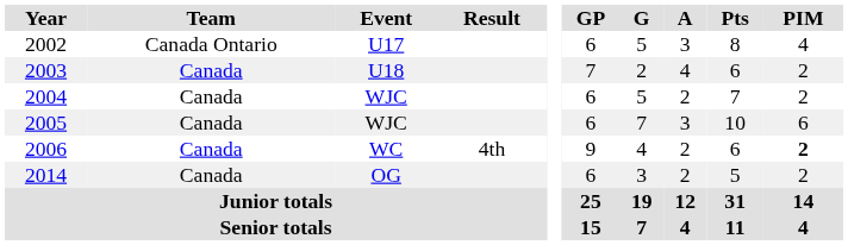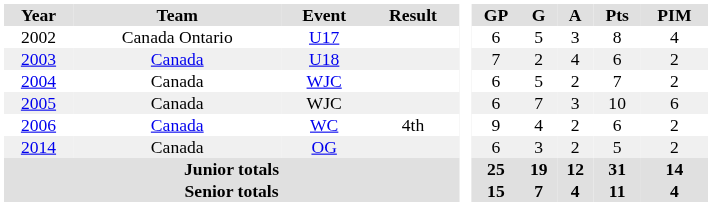 <table border="0" cellpadding="1" cellspacing="0" style="text-align:center; width:40em">
 <tr ALIGN="center" bgcolor="#e0e0e0">
 <th>Year</th>
 <th>Team</th>
 <th>Event</th>
 <th>Result</th>
 <th rowspan="99" bgcolor="#ffffff"> </th>
 <th>GP</th>
 <th>G</th>
 <th>A</th>
 <th>Pts</th>
 <th>PIM</th>
 </tr>
 <tr>
 <td 2002 World U-17 Hockey Challenge>2002</td>
 <td>Canada Ontario</td>
 <td><a href='#'>U17</a></td>
 <td></td>
 <td>6</td>
 <td>5</td>
 <td>3</td>
 <td>8</td>
 <td>4</td>
 </tr>
 <tr bgcolor="#f0f0f0">
 <td><a href='#'>2003</a></td>
 <td><a href='#'>Canada</a></td>
 <td><a href='#'>U18</a></td>
 <td></td>
 <td>7</td>
 <td>2</td>
 <td>4</td>
 <td>6</td>
 <td>2</td>
 </tr>
 <tr>
 <td><a href='#'>2004</a></td>
 <td>Canada</td>
 <td><a href='#'>WJC</a></td>
 <td></td>
 <td>6</td>
 <td>5</td>
 <td>2</td>
 <td>7</td>
 <td>2</td>
 </tr>
 <tr bgcolor="#f0f0f0">
 <td><a href='#'>2005</a></td>
 <td>Canada</td>
 <td>WJC</td>
 <td></td>
 <td>6</td>
 <td>7</td>
 <td>3</td>
 <td>10</td>
 <td>6</td>
 </tr>
 <tr>
 <td><a href='#'>2006</a></td>
 <td><a href='#'>Canada</a></td>
 <td><a href='#'>WC</a></td>
 <td>4th</td>
 <td>9</td>
 <td>4</td>
 <td>2</td>
 <td>6</td>
-<td><strong>2</strong></td>
+<td>2</td>
 </tr>
 <tr bgcolor="#f0f0f0">
 <td><a href='#'>2014</a></td>
 <td>Canada</td>
 <td><a href='#'>OG</a></td>
 <td></td>
 <td>6</td>
 <td>3</td>
 <td>2</td>
 <td>5</td>
 <td>2</td>
 </tr>
 <tr bgcolor="#e0e0e0">
 <th colspan=4>Junior totals</th>
 <th>25</th>
 <th>19</th>
 <th>12</th>
 <th>31</th>
 <th>14</th>
 </tr>
 <tr bgcolor="#e0e0e0">
 <th colspan=4>Senior totals</th>
 <th>15</th>
 <th>7</th>
 <th>4</th>
 <th>11</th>
 <th>4</th>
 </tr>
 </table>
